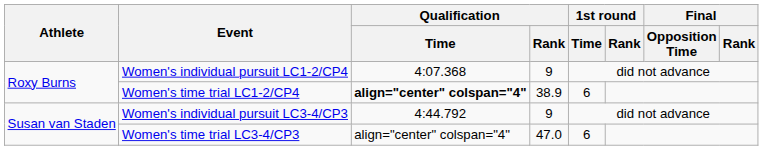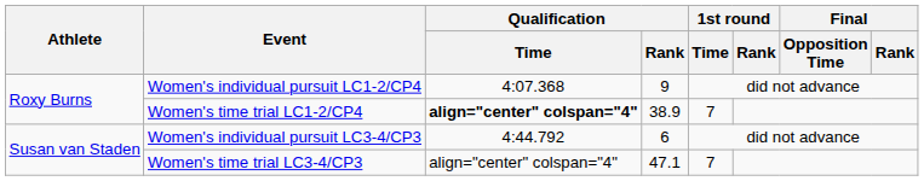 <table class=wikitable style="font-size:90%">
 <tr>
 <th rowspan="2">Athlete</th>
 <th rowspan="2">Event</th>
 <th colspan="2">Qualification</th>
 <th colspan="2">1st round</th>
 <th colspan="2">Final</th>
 </tr>
 <tr>
 <th>Time</th>
 <th>Rank</th>
 <th>Time</th>
 <th>Rank</th>
 <th>Opposition<br>Time</th>
 <th>Rank</th>
 </tr>
 <tr>
 <td rowspan="2"><a href='#'>Roxy Burns</a></td>
 <td><a href='#'>Women's individual pursuit LC1-2/CP4</a></td>
 <td align="center">4:07.368</td>
 <td align="center">9</td>
 <td align="center" colspan="4">did not advance</td>
 </tr>
 <tr>
 <td><a href='#'>Women's time trial LC1-2/CP4</a></td>
 <td><strong>align="center" colspan="4" </strong></td>
 <td align="center">38.9</td>
-<td align="center">6</td>
+<td align="center">7</td>
 </tr>
 <tr>
 <td rowspan="2"><a href='#'>Susan van Staden</a></td>
 <td><a href='#'>Women's individual pursuit LC3-4/CP3</a></td>
 <td align="center">4:44.792</td>
-<td align="center">9</td>
+<td align="center">6</td>
 <td align="center" colspan="4">did not advance</td>
 </tr>
 <tr>
 <td><a href='#'>Women's time trial LC3-4/CP3</a></td>
 <td>align="center" colspan="4" </td>
-<td align="center">47.0</td>
-<td align="center">6</td>
+<td align="center">47.1</td>
+<td align="center">7</td>
 </tr>
 </table>
